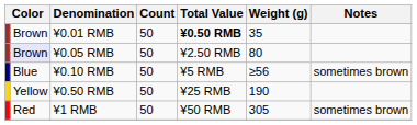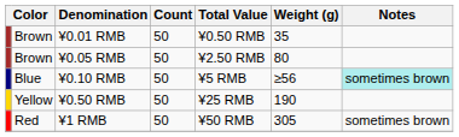 <table class="wikitable">
 <tr>
 <th colspan=2>Color</th>
 <th>Denomination</th>
 <th>Count</th>
 <th>Total Value</th>
 <th>Weight (g)</th>
 <th>Notes</th>
 </tr>
 <tr>
 <td style="background:Brown"></td>
 <td>Brown</td>
 <td>¥0.01 RMB</td>
 <td>50</td>
-<td><strong>¥0.50 RMB</strong></td>
+<td>¥0.50 RMB</td>
 <td>35</td>
 <td></td>
 </tr>
 <tr>
 <td style="background:Brown"></td>
-<td style="background: lavender;">Brown</td>
+<td>Brown</td>
 <td>¥0.05 RMB</td>
 <td>50</td>
 <td>¥2.50 RMB</td>
 <td>80</td>
 <td></td>
 </tr>
 <tr>
 <td style="background:Navy"></td>
 <td>Blue</td>
 <td>¥0.10 RMB</td>
 <td>50</td>
 <td>¥5 RMB</td>
 <td>≥56</td>
-<td>sometimes brown</td>
+<td style="background: paleturquoise;">sometimes brown</td>
 </tr>
 <tr>
 <td style="background:Gold"></td>
 <td>Yellow</td>
 <td>¥0.50 RMB</td>
 <td>50</td>
 <td>¥25 RMB</td>
 <td>190</td>
 <td></td>
 </tr>
 <tr>
 <td style="background:Red"></td>
 <td>Red</td>
 <td>¥1 RMB</td>
 <td>50</td>
 <td>¥50 RMB</td>
 <td>305</td>
 <td>sometimes brown</td>
 </tr>
 <tr>
 </tr>
 </table>
